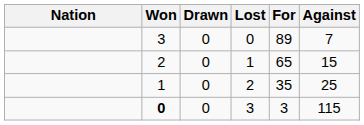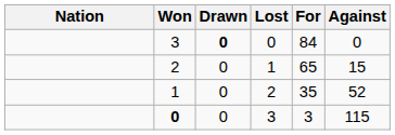 <table class="wikitable" style="text-align:center;">
 <tr>
 <th style="width:9em;">Nation</th>
 <th>Won</th>
 <th>Drawn</th>
 <th>Lost</th>
 <th>For</th>
 <th>Against</th>
 </tr>
 <tr>
 <td align=left></td>
 <td>3</td>
+<td><strong>0</strong></td>
 <td>0</td>
+<td>84</td>
 <td>0</td>
-<td>89</td>
-<td>7</td>
 </tr>
 <tr>
 <td align=left></td>
 <td>2</td>
 <td>0</td>
 <td>1</td>
 <td>65</td>
 <td>15</td>
 </tr>
 <tr>
 <td align=left></td>
 <td>1</td>
 <td>0</td>
 <td>2</td>
 <td>35</td>
-<td>25</td>
+<td>52</td>
 </tr>
 <tr>
 <td align=left></td>
 <td><strong>0</strong></td>
 <td>0</td>
 <td>3</td>
 <td>3</td>
 <td>115</td>
 </tr>
 </table>
